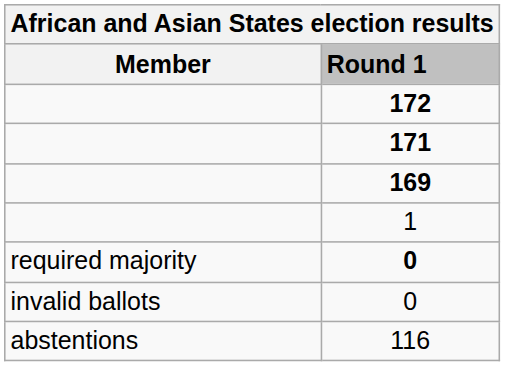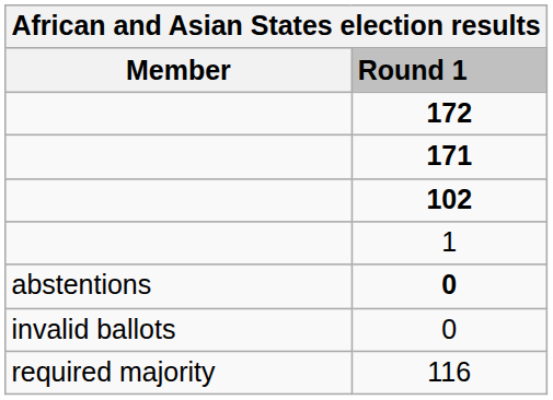 <table class="wikitable collapsible">
 <tr>
 <th colspan="2">African and Asian States election results</th>
 </tr>
 <tr>
 <th>Member</th>
 <td style="background:silver;"><strong>Round 1</strong></td>
 </tr>
 <tr>
 <td></td>
 <td style="text-align:center;"><strong>172</strong></td>
 </tr>
 <tr>
 <td></td>
 <td style="text-align:center;"><strong>171</strong></td>
 </tr>
 <tr>
 <td></td>
-<td style="text-align:center;"><strong>169</strong></td>
+<td style="text-align:center;"><strong>102</strong></td>
 </tr>
 <tr>
 <td></td>
 <td style="text-align:center;">1</td>
 </tr>
 <tr>
-<td>required majority</td>
+<td>abstentions</td>
 <td style="text-align:center;"><strong>0</strong></td>
 </tr>
 <tr>
 <td>invalid ballots</td>
 <td style="text-align:center;">0</td>
 </tr>
 <tr>
-<td>abstentions</td>
+<td>required majority</td>
 <td style="text-align:center;">116</td>
 </tr>
 </table>
